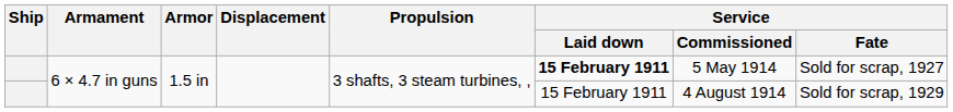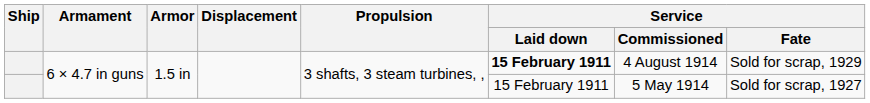 <table class="wikitable plainrowheaders" style="text-align: center;">
 <tr valign="top">
 <th scope="col" rowspan="2">Ship</th>
 <th scope="col" rowspan="2">Armament</th>
 <th scope="col" rowspan="2">Armor</th>
 <th scope="col" rowspan="2">Displacement</th>
 <th scope="col" rowspan="2">Propulsion</th>
 <th scope="col" colspan="3">Service</th>
 </tr>
 <tr valign="top">
 <th scope="col">Laid down</th>
 <th scope="col">Commissioned</th>
 <th scope="col">Fate</th>
 </tr>
 <tr valign="center">
 <th scope="row"></th>
 <td rowspan="2">6 × 4.7 in guns</td>
 <td rowspan="2">1.5 in</td>
 <td rowspan="2"></td>
 <td rowspan="2">3 shafts, 3 steam turbines, , </td>
 <td><strong>15 February 1911</strong></td>
-<td>5 May 1914</td>
-<td>Sold for scrap, 1927</td>
+<td>4 August 1914</td>
+<td>Sold for scrap, 1929</td>
 </tr>
 <tr valign="center">
 <th scope="row"></th>
 <td>15 February 1911</td>
-<td>4 August 1914</td>
-<td>Sold for scrap, 1929</td>
+<td>5 May 1914</td>
+<td>Sold for scrap, 1927</td>
 </tr>
 </table>
